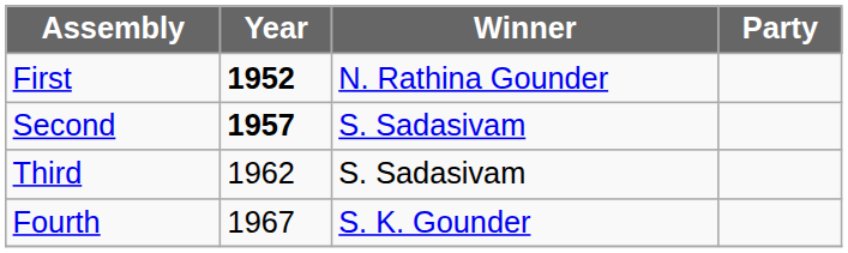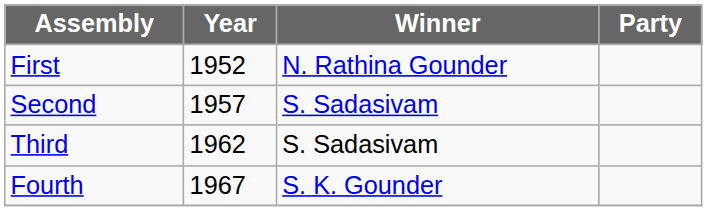 <table class="wikitable sortable" width="50%">
 <tr>
 <th style="background-color:#666666; color:white">Assembly</th>
 <th style="background-color:#666666; color:white">Year</th>
 <th style="background-color:#666666; color:white">Winner</th>
 <th style="background-color:#666666; color:white" colspan="2">Party</th>
 </tr>
 <tr>
 <td><a href='#'>First</a></td>
-<td><strong>1952</strong></td>
+<td>1952</td>
 <td><a href='#'>N. Rathina Gounder</a></td>
 <td></td>
 </tr>
 <tr>
 <td><a href='#'>Second</a></td>
-<td><strong>1957</strong></td>
+<td>1957</td>
 <td><a href='#'>S. Sadasivam</a></td>
 <td></td>
 </tr>
 <tr>
 <td><a href='#'>Third</a></td>
 <td>1962</td>
 <td>S. Sadasivam</td>
 <td></td>
 </tr>
 <tr>
 <td><a href='#'>Fourth</a></td>
 <td>1967</td>
 <td><a href='#'>S. K. Gounder</a></td>
 <td></td>
 </tr>
 <tr>
 </tr>
 </table>
